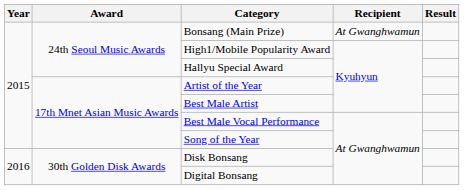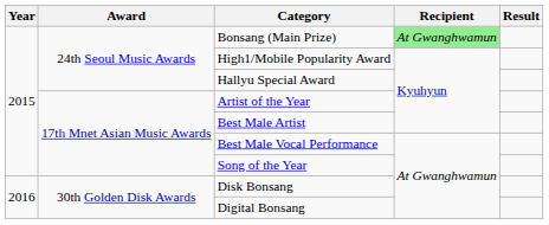 <table class="wikitable">
 <tr>
 <th>Year</th>
 <th>Award</th>
 <th>Category</th>
 <th>Recipient</th>
 <th>Result</th>
 </tr>
 <tr>
 <td rowspan=7>2015</td>
 <td style="text-align:center" rowspan=3>24th <a href='#'>Seoul Music Awards</a></td>
 <td>Bonsang (Main Prize)</td>
-<td><em>At Gwanghwamun</em></td>
+<td style="background: lightgreen;"><em>At Gwanghwamun</em></td>
 <td></td>
 </tr>
 <tr>
 <td>High1/Mobile Popularity Award</td>
 <td rowspan=4><a href='#'>Kyuhyun</a></td>
 <td></td>
 </tr>
 <tr>
 <td>Hallyu Special Award</td>
 <td></td>
 </tr>
 <tr>
 <td style="text-align:center" rowspan=4><a href='#'>17th Mnet Asian Music Awards</a></td>
 <td><a href='#'>Artist of the Year</a></td>
 <td></td>
 </tr>
 <tr>
 <td><a href='#'>Best Male Artist</a></td>
 <td></td>
 </tr>
 <tr>
 <td><a href='#'>Best Male Vocal Performance</a></td>
 <td rowspan=4><em>At Gwanghwamun</em></td>
 <td></td>
 </tr>
 <tr>
 <td><a href='#'>Song of the Year</a></td>
 <td></td>
 </tr>
 <tr>
 <td rowspan=2>2016</td>
 <td style="text-align:center" rowspan=2>30th <a href='#'>Golden Disk Awards</a></td>
 <td>Disk Bonsang</td>
 <td></td>
 </tr>
 <tr>
 <td>Digital Bonsang</td>
 <td></td>
 </tr>
 </table>
